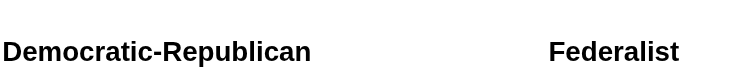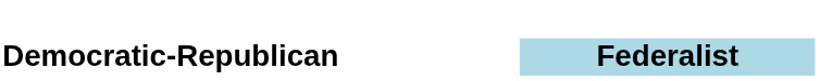 <table style="width:60%; text-align:center">
 <tr style="color:white">
 <td style="background:"><strong>107</strong></td>
 <td style="background:"><strong>36</strong></td>
 </tr>
 <tr>
 <td><span><strong>Democratic-Republican</strong></span></td>
-<td><span><strong>Federalist</strong></span></td>
+<td style="background: lightblue;"><span><strong>Federalist</strong></span></td>
 </tr>
 </table>
